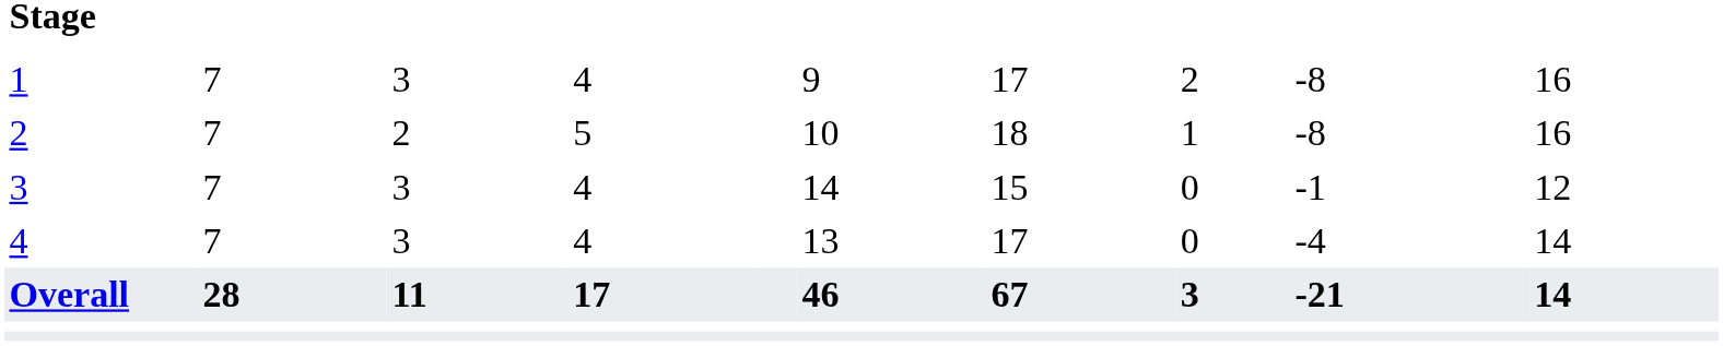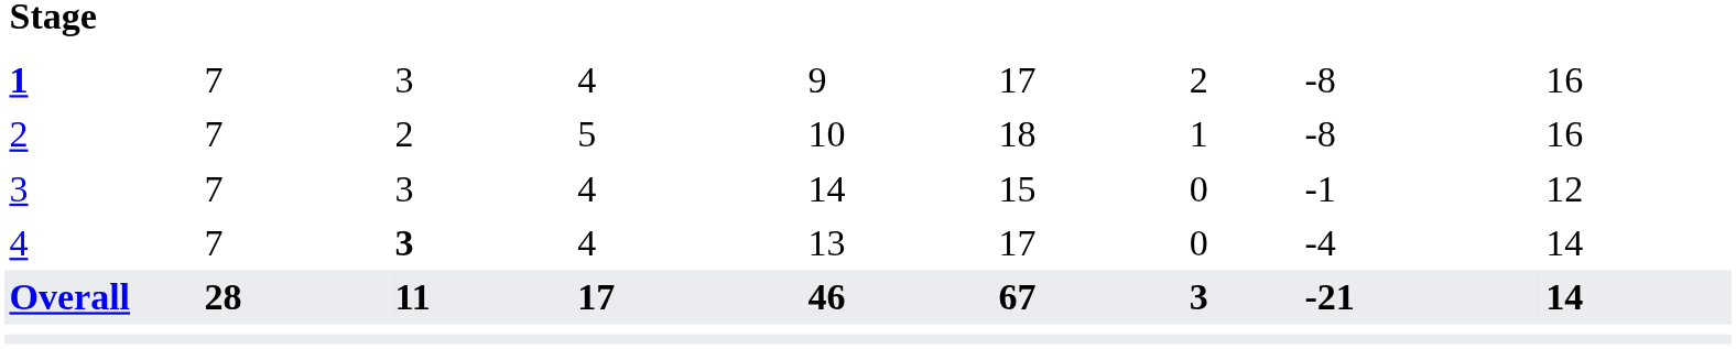 <table class="toccolours" border=0 cellpadding="2" cellspacing="0" style="font-size:95%; text-align:left; width:700px;">
 <tr align="left" style="background:#">
 <th style="width:75px">Stage</th>
 <th></th>
 <th></th>
 <th></th>
 <th></th>
 <th></th>
 <th></th>
 <th></th>
 <th></th>
 <th></th>
 </tr>
 <tr>
 <td colspan = "10"></td>
 </tr>
 <tr>
 </tr>
 <tr style="">
-<td><a href='#'>1</a></td>
+<td><strong><a href='#'>1</a></strong></td>
 <td>7</td>
 <td>3</td>
 <td>4</td>
 <td></td>
 <td>9</td>
 <td>17</td>
 <td>2</td>
 <td>-8</td>
 <td>16</td>
 </tr>
 <tr>
 <td><a href='#'>2</a></td>
 <td>7</td>
 <td>2</td>
 <td>5</td>
 <td></td>
 <td>10</td>
 <td>18</td>
 <td>1</td>
 <td>-8</td>
 <td>16</td>
 </tr>
 <tr>
 <td><a href='#'>3</a></td>
 <td>7</td>
 <td>3</td>
 <td>4</td>
 <td></td>
 <td>14</td>
 <td>15</td>
 <td>0</td>
 <td>-1</td>
 <td>12</td>
 </tr>
 <tr>
 <td><a href='#'>4</a></td>
 <td>7</td>
-<td>3</td>
+<td><strong>3</strong></td>
 <td>4</td>
 <td></td>
 <td>13</td>
 <td>17</td>
 <td>0</td>
 <td>-4</td>
 <td>14</td>
 </tr>
 <tr style="background-color:#EAECF0;">
 <th><a href='#'>Overall</a></th>
 <th>28</th>
 <th>11</th>
 <th>17</th>
 <th></th>
 <th>46</th>
 <th>67</th>
 <th>3</th>
 <th>-21</th>
 <th>14</th>
 </tr>
 <tr>
 <td colspan="10"></td>
 </tr>
 <tr align="left" style="background:#EAECF0; color:#000;">
 <td colspan="10" style="text-align:center;"> </td>
 </tr>
 </table>
